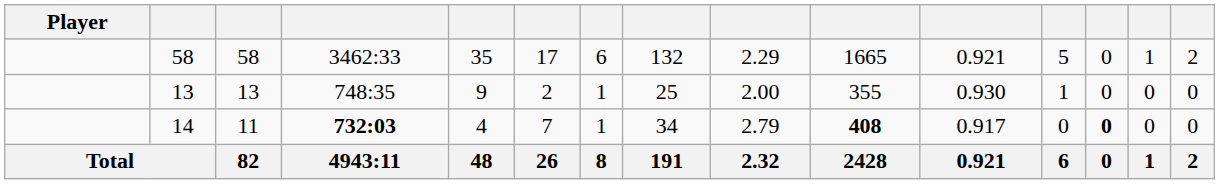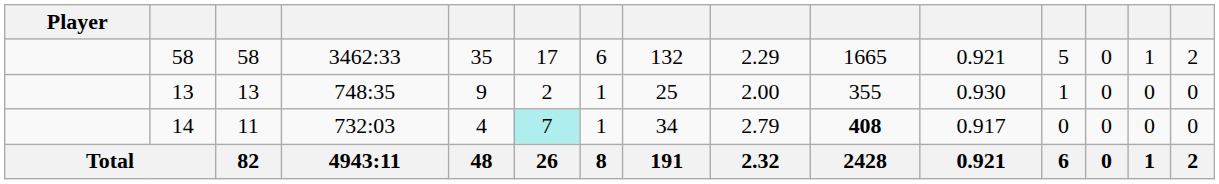 <table class="wikitable sortable" style="width:100%; text-align:center;">
 <tr>
 <th>Player</th>
 <th></th>
 <th></th>
 <th></th>
 <th></th>
 <th></th>
 <th></th>
 <th></th>
 <th></th>
 <th></th>
 <th></th>
 <th></th>
 <th></th>
 <th></th>
 <th></th>
 </tr>
 <tr>
 <td></td>
 <td>58</td>
 <td>58</td>
 <td>3462:33</td>
 <td>35</td>
 <td>17</td>
 <td>6</td>
 <td>132</td>
 <td>2.29</td>
 <td>1665</td>
 <td>0.921</td>
 <td>5</td>
 <td>0</td>
 <td>1</td>
 <td>2</td>
 </tr>
 <tr>
 <td></td>
 <td>13</td>
 <td>13</td>
 <td>748:35</td>
 <td>9</td>
 <td>2</td>
 <td>1</td>
 <td>25</td>
 <td>2.00</td>
 <td>355</td>
 <td>0.930</td>
 <td>1</td>
 <td>0</td>
 <td>0</td>
 <td>0</td>
 </tr>
 <tr>
 <td></td>
 <td>14</td>
 <td>11</td>
-<td><strong>732:03</strong></td>
+<td>732:03</td>
 <td>4</td>
-<td>7</td>
+<td style="background: paleturquoise;">7</td>
 <td>1</td>
 <td>34</td>
 <td>2.79</td>
 <td><strong>408</strong></td>
 <td>0.917</td>
 <td>0</td>
-<td><strong>0</strong></td>
+<td>0</td>
 <td>0</td>
 <td>0</td>
 </tr>
 <tr class="sortbottom">
 <th colspan=2>Total</th>
 <th>82</th>
 <th>4943:11</th>
 <th>48</th>
 <th>26</th>
 <th>8</th>
 <th>191</th>
 <th>2.32</th>
 <th>2428</th>
 <th>0.921</th>
 <th>6</th>
 <th>0</th>
 <th>1</th>
 <th>2</th>
 </tr>
 </table>
